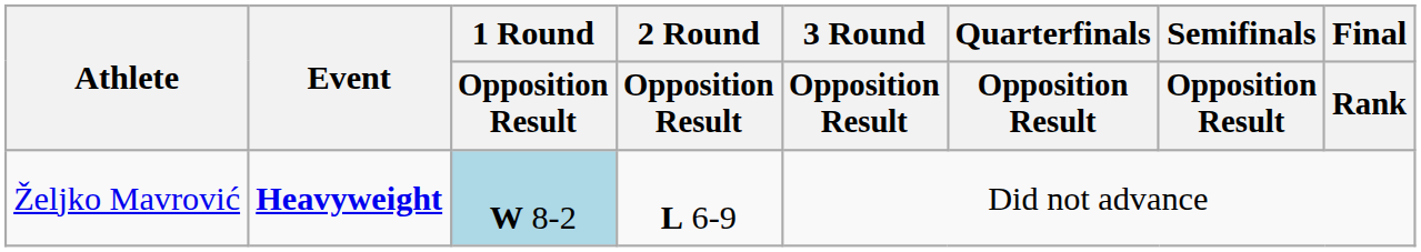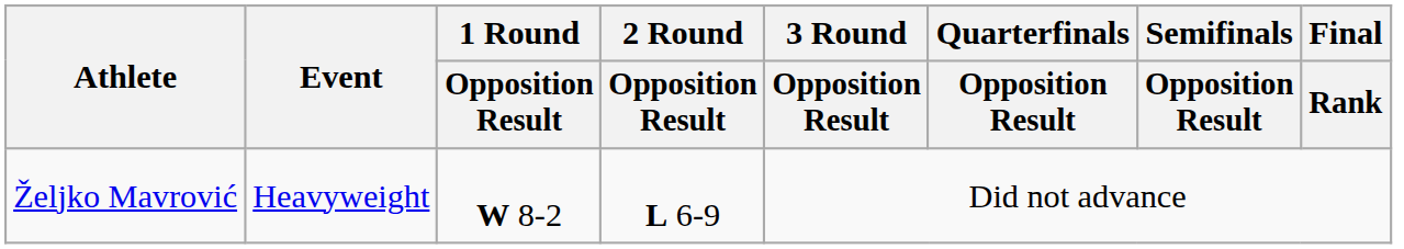 <table class="wikitable" style="font-size:90%">
 <tr>
 <th rowspan="2">Athlete</th>
 <th rowspan="2">Event</th>
 <th>1 Round</th>
 <th>2 Round</th>
 <th>3 Round</th>
 <th>Quarterfinals</th>
 <th>Semifinals</th>
 <th colspan=2>Final</th>
 </tr>
 <tr style="font-size:95%">
 <th>Opposition<br>Result</th>
 <th>Opposition<br>Result</th>
 <th>Opposition<br>Result</th>
 <th>Opposition<br>Result</th>
 <th>Opposition<br>Result</th>
 <th>Rank</th>
 </tr>
 <tr align=center>
 <td align=left><a href='#'>Željko Mavrović</a></td>
-<td align=left><strong><a href='#'>Heavyweight</a></strong></td>
-<td style="background: lightblue;"><br><strong>W</strong> 8-2</td>
+<td align=left><a href='#'>Heavyweight</a></td>
+<td><br><strong>W</strong> 8-2</td>
 <td><br><strong>L</strong> 6-9</td>
 <td colspan=5>Did not advance</td>
 </tr>
 </table>
